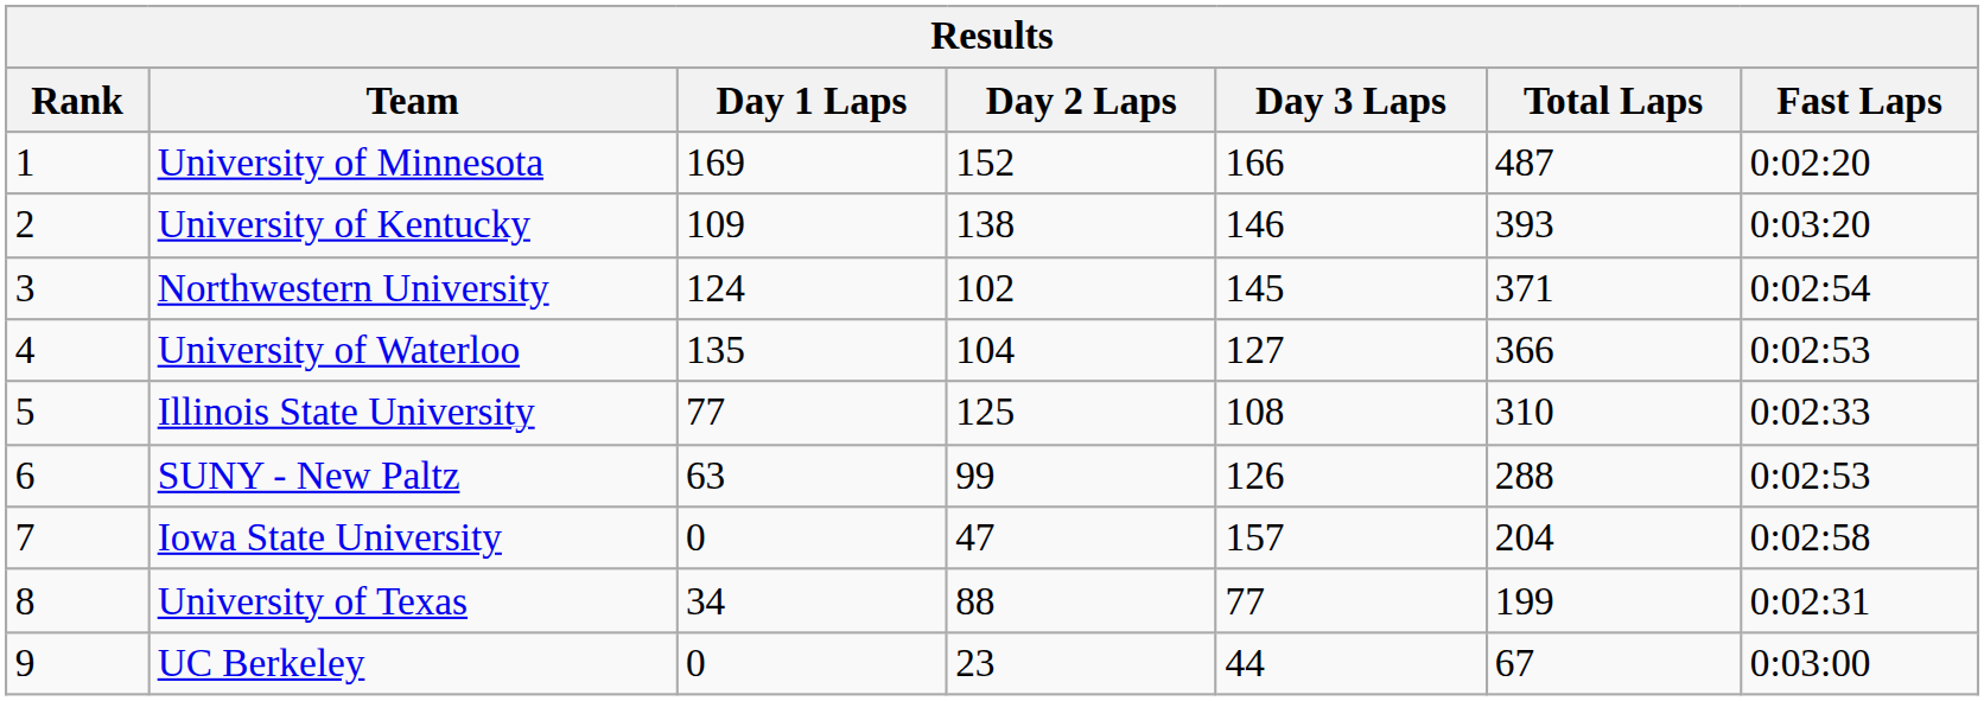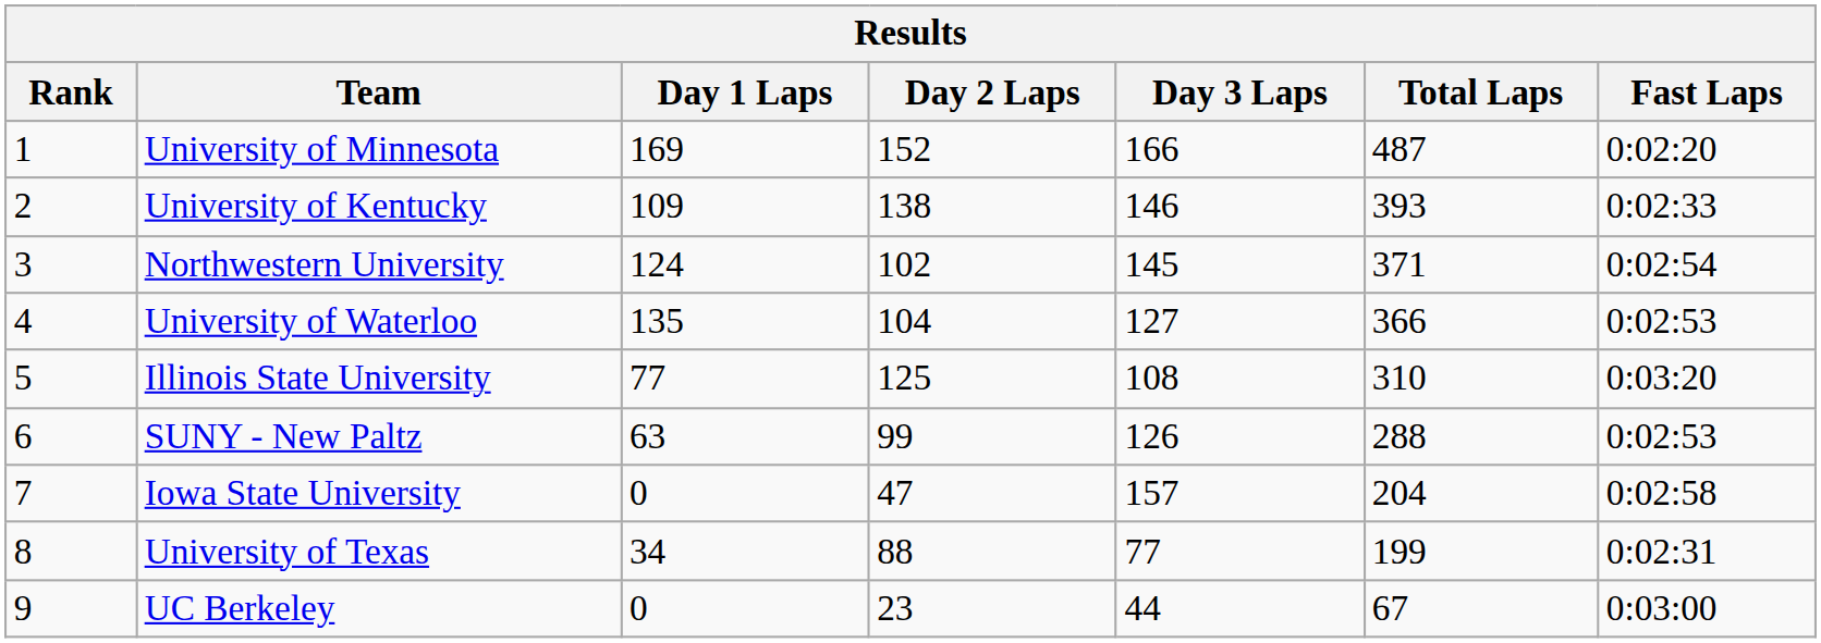 <table class="wikitable collapsible collapsed" style="min-width:50em;">
 <tr>
 <th colspan=7>Results</th>
 </tr>
 <tr>
 <th>Rank</th>
 <th>Team</th>
 <th>Day 1 Laps</th>
 <th>Day 2 Laps</th>
 <th>Day 3 Laps</th>
 <th>Total Laps</th>
 <th>Fast Laps</th>
 </tr>
 <tr>
 <td>1</td>
 <td><a href='#'>University of Minnesota</a></td>
 <td>169</td>
 <td>152</td>
 <td>166</td>
 <td>487</td>
 <td>0:02:20</td>
 </tr>
 <tr>
 <td>2</td>
 <td><a href='#'>University of Kentucky</a></td>
 <td>109</td>
 <td>138</td>
 <td>146</td>
 <td>393</td>
-<td>0:03:20</td>
+<td>0:02:33</td>
 </tr>
 <tr>
 <td>3</td>
 <td><a href='#'>Northwestern University</a></td>
 <td>124</td>
 <td>102</td>
 <td>145</td>
 <td>371</td>
 <td>0:02:54</td>
 </tr>
 <tr>
 <td>4</td>
 <td><a href='#'>University of Waterloo</a></td>
 <td>135</td>
 <td>104</td>
 <td>127</td>
 <td>366</td>
 <td>0:02:53</td>
 </tr>
 <tr>
 <td>5</td>
 <td><a href='#'>Illinois State University</a></td>
 <td>77</td>
 <td>125</td>
 <td>108</td>
 <td>310</td>
-<td>0:02:33</td>
+<td>0:03:20</td>
 </tr>
 <tr>
 <td>6</td>
 <td><a href='#'>SUNY - New Paltz</a></td>
 <td>63</td>
 <td>99</td>
 <td>126</td>
 <td>288</td>
 <td>0:02:53</td>
 </tr>
 <tr>
 <td>7</td>
 <td><a href='#'>Iowa State University</a></td>
 <td>0</td>
 <td>47</td>
 <td>157</td>
 <td>204</td>
 <td>0:02:58</td>
 </tr>
 <tr>
 <td>8</td>
 <td><a href='#'>University of Texas</a></td>
 <td>34</td>
 <td>88</td>
 <td>77</td>
 <td>199</td>
 <td>0:02:31</td>
 </tr>
 <tr>
 <td>9</td>
 <td><a href='#'>UC Berkeley</a></td>
 <td>0</td>
 <td>23</td>
 <td>44</td>
 <td>67</td>
 <td>0:03:00</td>
 </tr>
 </table>
